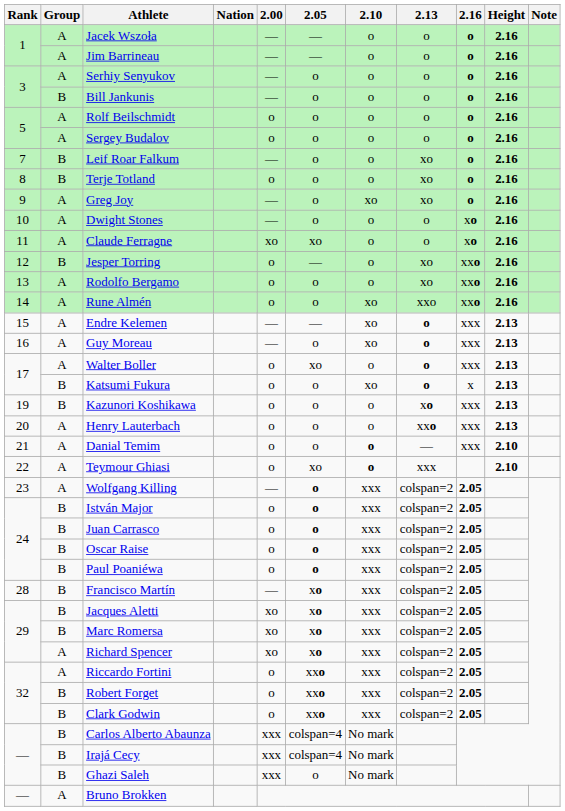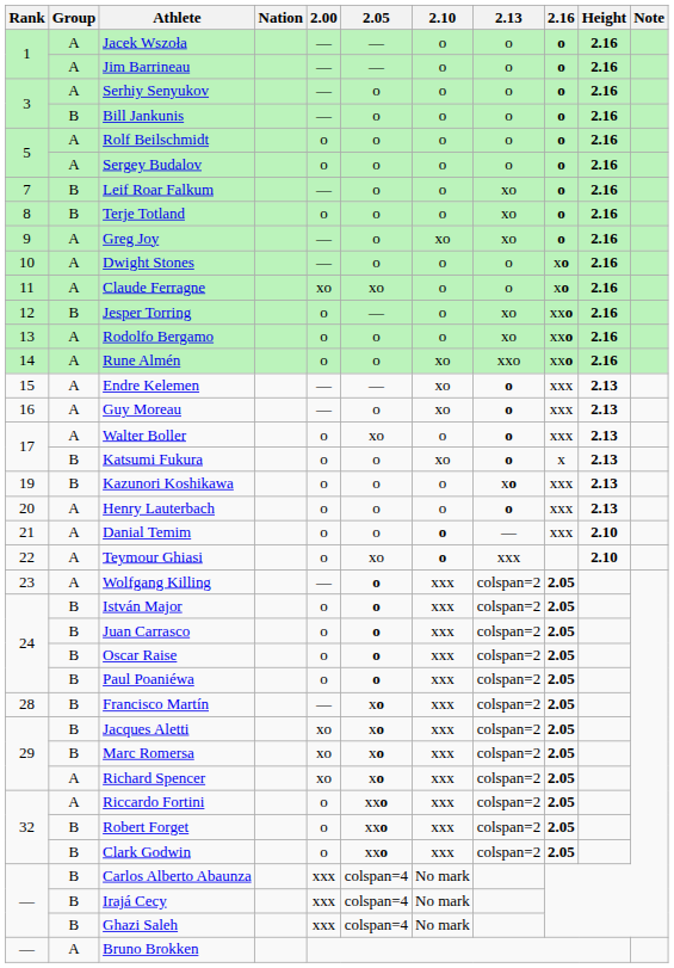 <table class="wikitable sortable" style="text-align:center">
 <tr>
 <th>Rank</th>
 <th>Group</th>
 <th>Athlete</th>
 <th>Nation</th>
 <th>2.00</th>
 <th>2.05</th>
 <th>2.10</th>
 <th>2.13</th>
 <th>2.16</th>
 <th>Height</th>
 <th>Note</th>
 </tr>
 <tr bgcolor=bbf3bb>
 <td rowspan=2>1</td>
 <td>A</td>
 <td align=left><a href='#'>Jacek Wszoła</a></td>
 <td align=left></td>
 <td>—</td>
 <td>—</td>
 <td>o</td>
 <td>o</td>
 <td><strong>o</strong></td>
 <td><strong>2.16</strong></td>
 <td></td>
 </tr>
 <tr bgcolor=bbf3bb>
 <td>A</td>
 <td align=left><a href='#'>Jim Barrineau</a></td>
 <td align=left></td>
 <td>—</td>
 <td>—</td>
 <td>o</td>
 <td>o</td>
 <td><strong>o</strong></td>
 <td><strong>2.16</strong></td>
 <td></td>
 </tr>
 <tr bgcolor=bbf3bb>
 <td rowspan=2>3</td>
 <td>A</td>
 <td align=left><a href='#'>Serhiy Senyukov</a></td>
 <td align=left></td>
 <td>—</td>
 <td>o</td>
 <td>o</td>
 <td>o</td>
 <td><strong>o</strong></td>
 <td><strong>2.16</strong></td>
 <td></td>
 </tr>
 <tr bgcolor=bbf3bb>
 <td>B</td>
 <td align=left><a href='#'>Bill Jankunis</a></td>
 <td align=left></td>
 <td>—</td>
 <td>o</td>
 <td>o</td>
 <td>o</td>
 <td><strong>o</strong></td>
 <td><strong>2.16</strong></td>
 <td></td>
 </tr>
 <tr bgcolor=bbf3bb>
 <td rowspan=2>5</td>
 <td>A</td>
 <td align=left><a href='#'>Rolf Beilschmidt</a></td>
 <td align=left></td>
 <td>o</td>
 <td>o</td>
 <td>o</td>
 <td>o</td>
 <td><strong>o</strong></td>
 <td><strong>2.16</strong></td>
 <td></td>
 </tr>
 <tr bgcolor=bbf3bb>
 <td>A</td>
 <td align=left><a href='#'>Sergey Budalov</a></td>
 <td align=left></td>
 <td>o</td>
 <td>o</td>
 <td>o</td>
 <td>o</td>
 <td><strong>o</strong></td>
 <td><strong>2.16</strong></td>
 <td></td>
 </tr>
 <tr bgcolor=bbf3bb>
 <td>7</td>
 <td>B</td>
 <td align=left><a href='#'>Leif Roar Falkum</a></td>
 <td align=left></td>
 <td>—</td>
 <td>o</td>
 <td>o</td>
 <td>xo</td>
 <td><strong>o</strong></td>
 <td><strong>2.16</strong></td>
 <td></td>
 </tr>
 <tr bgcolor=bbf3bb>
 <td>8</td>
 <td>B</td>
 <td align=left><a href='#'>Terje Totland</a></td>
 <td align=left></td>
 <td>o</td>
 <td>o</td>
 <td>o</td>
 <td>xo</td>
 <td><strong>o</strong></td>
 <td><strong>2.16</strong></td>
 <td></td>
 </tr>
 <tr bgcolor=bbf3bb>
 <td>9</td>
 <td>A</td>
 <td align=left><a href='#'>Greg Joy</a></td>
 <td align=left></td>
 <td>—</td>
 <td>o</td>
 <td>xo</td>
 <td>xo</td>
 <td><strong>o</strong></td>
 <td><strong>2.16</strong></td>
 <td></td>
 </tr>
 <tr bgcolor=bbf3bb>
 <td>10</td>
 <td>A</td>
 <td align=left><a href='#'>Dwight Stones</a></td>
 <td align=left></td>
 <td>—</td>
 <td>o</td>
 <td>o</td>
 <td>o</td>
 <td>x<strong>o</strong></td>
 <td><strong>2.16</strong></td>
 <td></td>
 </tr>
 <tr bgcolor=bbf3bb>
 <td>11</td>
 <td>A</td>
 <td align=left><a href='#'>Claude Ferragne</a></td>
 <td align=left></td>
 <td>xo</td>
 <td>xo</td>
 <td>o</td>
 <td>o</td>
 <td>x<strong>o</strong></td>
 <td><strong>2.16</strong></td>
 <td></td>
 </tr>
 <tr bgcolor=bbf3bb>
 <td>12</td>
 <td>B</td>
 <td align=left><a href='#'>Jesper Torring</a></td>
 <td align=left></td>
 <td>o</td>
 <td>—</td>
 <td>o</td>
 <td>xo</td>
 <td>xx<strong>o</strong></td>
 <td><strong>2.16</strong></td>
 <td></td>
 </tr>
 <tr bgcolor=bbf3bb>
 <td>13</td>
 <td>A</td>
 <td align=left><a href='#'>Rodolfo Bergamo</a></td>
 <td align=left></td>
 <td>o</td>
 <td>o</td>
 <td>o</td>
 <td>xo</td>
 <td>xx<strong>o</strong></td>
 <td><strong>2.16</strong></td>
 <td></td>
 </tr>
 <tr bgcolor=bbf3bb>
 <td>14</td>
 <td>A</td>
 <td align=left><a href='#'>Rune Almén</a></td>
 <td align=left></td>
 <td>o</td>
 <td>o</td>
 <td>xo</td>
 <td>xxo</td>
 <td>xx<strong>o</strong></td>
 <td><strong>2.16</strong></td>
 <td></td>
 </tr>
 <tr>
 <td>15</td>
 <td>A</td>
 <td align=left><a href='#'>Endre Kelemen</a></td>
 <td align=left></td>
 <td>—</td>
 <td>—</td>
 <td>xo</td>
 <td><strong>o</strong></td>
 <td>xxx</td>
 <td><strong>2.13</strong></td>
 <td></td>
 </tr>
 <tr>
 <td>16</td>
 <td>A</td>
 <td align=left><a href='#'>Guy Moreau</a></td>
 <td align=left></td>
 <td>—</td>
 <td>o</td>
 <td>xo</td>
 <td><strong>o</strong></td>
 <td>xxx</td>
 <td><strong>2.13</strong></td>
 <td></td>
 </tr>
 <tr>
 <td rowspan=2>17</td>
 <td>A</td>
 <td align=left><a href='#'>Walter Boller</a></td>
 <td align=left></td>
 <td>o</td>
 <td>xo</td>
 <td>o</td>
 <td><strong>o</strong></td>
 <td>xxx</td>
 <td><strong>2.13</strong></td>
 <td></td>
 </tr>
 <tr>
 <td>B</td>
 <td align=left><a href='#'>Katsumi Fukura</a></td>
 <td align=left></td>
 <td>o</td>
 <td>o</td>
 <td>xo</td>
 <td><strong>o</strong></td>
 <td>x</td>
 <td><strong>2.13</strong></td>
 <td></td>
 </tr>
 <tr>
 <td>19</td>
 <td>B</td>
 <td align=left><a href='#'>Kazunori Koshikawa</a></td>
 <td align=left></td>
 <td>o</td>
 <td>o</td>
 <td>o</td>
 <td>x<strong>o</strong></td>
 <td>xxx</td>
 <td><strong>2.13</strong></td>
 <td></td>
 </tr>
 <tr>
 <td>20</td>
 <td>A</td>
 <td align=left><a href='#'>Henry Lauterbach</a></td>
 <td align=left></td>
 <td>o</td>
 <td>o</td>
 <td>o</td>
-<td>xx<strong>o</strong></td>
+<td><strong>o</strong></td>
 <td>xxx</td>
 <td><strong>2.13</strong></td>
 <td></td>
 </tr>
 <tr>
 <td>21</td>
 <td>A</td>
 <td align=left><a href='#'>Danial Temim</a></td>
 <td align=left></td>
 <td>o</td>
 <td>o</td>
 <td><strong>o</strong></td>
 <td>—</td>
 <td>xxx</td>
 <td><strong>2.10</strong></td>
 <td></td>
 </tr>
 <tr>
 <td>22</td>
 <td>A</td>
 <td align=left><a href='#'>Teymour Ghiasi</a></td>
 <td align=left></td>
 <td>o</td>
 <td>xo</td>
 <td><strong>o</strong></td>
 <td>xxx</td>
 <td></td>
 <td><strong>2.10</strong></td>
 <td></td>
 </tr>
 <tr>
 <td>23</td>
 <td>A</td>
 <td align=left><a href='#'>Wolfgang Killing</a></td>
 <td align=left></td>
 <td>—</td>
 <td><strong>o</strong></td>
 <td>xxx</td>
 <td>colspan=2 </td>
 <td><strong>2.05</strong></td>
 <td></td>
 </tr>
 <tr>
 <td rowspan=4>24</td>
 <td>B</td>
 <td align=left><a href='#'>István Major</a></td>
 <td align=left></td>
 <td>o</td>
 <td><strong>o</strong></td>
 <td>xxx</td>
 <td>colspan=2 </td>
 <td><strong>2.05</strong></td>
 <td></td>
 </tr>
 <tr>
 <td>B</td>
 <td align=left><a href='#'>Juan Carrasco</a></td>
 <td align=left></td>
 <td>o</td>
 <td><strong>o</strong></td>
 <td>xxx</td>
 <td>colspan=2 </td>
 <td><strong>2.05</strong></td>
 <td></td>
 </tr>
 <tr>
 <td>B</td>
 <td align=left><a href='#'>Oscar Raise</a></td>
 <td align=left></td>
 <td>o</td>
 <td><strong>o</strong></td>
 <td>xxx</td>
 <td>colspan=2 </td>
 <td><strong>2.05</strong></td>
 <td></td>
 </tr>
 <tr>
 <td>B</td>
 <td align=left><a href='#'>Paul Poaniéwa</a></td>
 <td align=left></td>
 <td>o</td>
 <td><strong>o</strong></td>
 <td>xxx</td>
 <td>colspan=2 </td>
 <td><strong>2.05</strong></td>
 <td></td>
 </tr>
 <tr>
 <td>28</td>
 <td>B</td>
 <td align=left><a href='#'>Francisco Martín</a></td>
 <td align=left></td>
 <td>—</td>
 <td>x<strong>o</strong></td>
 <td>xxx</td>
 <td>colspan=2 </td>
 <td><strong>2.05</strong></td>
 <td></td>
 </tr>
 <tr>
 <td rowspan=3>29</td>
 <td>B</td>
 <td align=left><a href='#'>Jacques Aletti</a></td>
 <td align=left></td>
 <td>xo</td>
 <td>x<strong>o</strong></td>
 <td>xxx</td>
 <td>colspan=2 </td>
 <td><strong>2.05</strong></td>
 <td></td>
 </tr>
 <tr>
 <td>B</td>
 <td align=left><a href='#'>Marc Romersa</a></td>
 <td align=left></td>
 <td>xo</td>
 <td>x<strong>o</strong></td>
 <td>xxx</td>
 <td>colspan=2 </td>
 <td><strong>2.05</strong></td>
 <td></td>
 </tr>
 <tr>
 <td>A</td>
 <td align=left><a href='#'>Richard Spencer</a></td>
 <td align=left></td>
 <td>xo</td>
 <td>x<strong>o</strong></td>
 <td>xxx</td>
 <td>colspan=2 </td>
 <td><strong>2.05</strong></td>
 <td></td>
 </tr>
 <tr>
 <td rowspan=3>32</td>
 <td>A</td>
 <td align=left><a href='#'>Riccardo Fortini</a></td>
 <td align=left></td>
 <td>o</td>
 <td>xx<strong>o</strong></td>
 <td>xxx</td>
 <td>colspan=2 </td>
 <td><strong>2.05</strong></td>
 <td></td>
 </tr>
 <tr>
 <td>B</td>
 <td align=left><a href='#'>Robert Forget</a></td>
 <td align=left></td>
 <td>o</td>
 <td>xx<strong>o</strong></td>
 <td>xxx</td>
 <td>colspan=2 </td>
 <td><strong>2.05</strong></td>
 <td></td>
 </tr>
 <tr>
 <td>B</td>
 <td align=left><a href='#'>Clark Godwin</a></td>
 <td align=left></td>
 <td>o</td>
 <td>xx<strong>o</strong></td>
 <td>xxx</td>
 <td>colspan=2 </td>
 <td><strong>2.05</strong></td>
 <td></td>
 </tr>
 <tr>
 <td rowspan=3 data-sort-value=35>—</td>
 <td>B</td>
 <td align=left><a href='#'>Carlos Alberto Abaunza</a></td>
 <td align=left></td>
 <td>xxx</td>
 <td>colspan=4 </td>
 <td data-sort-value=1.00>No mark</td>
 <td></td>
 </tr>
 <tr>
 <td>B</td>
 <td align=left><a href='#'>Irajá Cecy</a></td>
 <td align=left></td>
 <td>xxx</td>
 <td>colspan=4 </td>
 <td data-sort-value=1.00>No mark</td>
 <td></td>
 </tr>
 <tr>
 <td>B</td>
 <td align=left><a href='#'>Ghazi Saleh</a></td>
 <td align=left></td>
 <td>xxx</td>
-<td>o</td>
+<td>colspan=4 </td>
 <td data-sort-value=1.00>No mark</td>
 <td></td>
 </tr>
 <tr>
 <td data-sort-value=34>—</td>
 <td>A</td>
 <td align=left><a href='#'>Bruno Brokken</a></td>
 <td align=left></td>
 <td colspan=6 data-sort-value=0.00></td>
 <td></td>
 </tr>
 </table>
